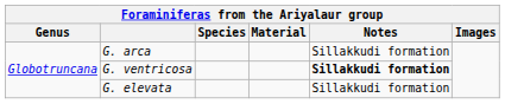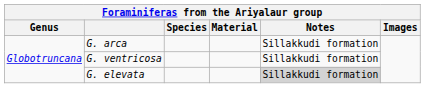 <table class="wikitable" align="center">
 <tr>
 <th colspan="6" align="center"><strong><a href='#'>Foraminiferas</a> from the Ariyalaur group</strong></th>
 </tr>
 <tr>
 <th>Genus</th>
 <th></th>
 <th>Species</th>
 <th>Material</th>
 <th>Notes</th>
 <th>Images</th>
 </tr>
 <tr>
 <td rowspan="3"><em><a href='#'>Globotruncana</a></em></td>
 <td><em>G. arca</em></td>
 <td></td>
 <td></td>
 <td>Sillakkudi formation</td>
 <td rowspan="3"></td>
 </tr>
 <tr>
 <td><em>G. ventricosa</em></td>
 <td></td>
 <td></td>
-<td><strong>Sillakkudi formation</strong></td>
+<td>Sillakkudi formation</td>
 </tr>
 <tr>
 <td><em>G. elevata</em></td>
 <td></td>
 <td></td>
-<td>Sillakkudi formation</td>
+<td style="background: lightgrey;">Sillakkudi formation</td>
 </tr>
 </table>
